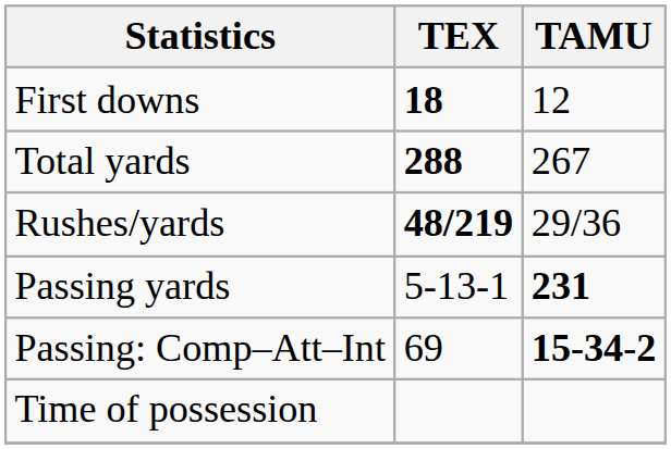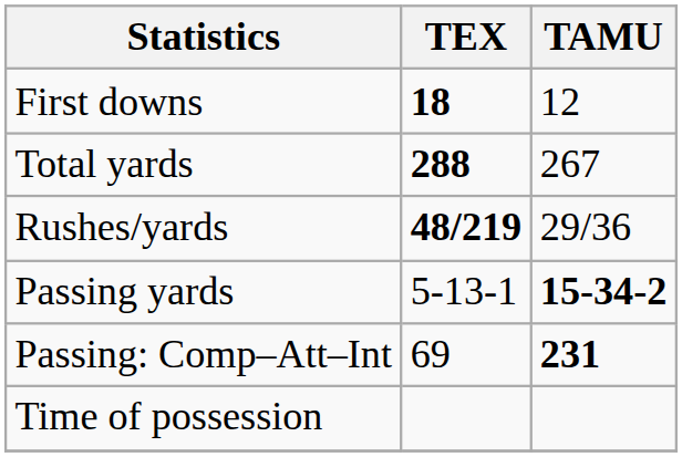 <table class="wikitable" style="float: left;">
 <tr>
 <th>Statistics</th>
 <th>TEX</th>
 <th>TAMU</th>
 </tr>
 <tr>
 <td>First downs</td>
 <td><strong>18</strong></td>
 <td>12</td>
 </tr>
 <tr>
 <td>Total yards</td>
 <td><strong>288</strong></td>
 <td>267</td>
 </tr>
 <tr>
 <td>Rushes/yards</td>
 <td><strong>48/219</strong></td>
 <td>29/36</td>
 </tr>
 <tr>
 <td>Passing yards</td>
 <td>5-13-1</td>
-<td><strong>231</strong></td>
+<td><strong>15-34-2</strong></td>
 </tr>
 <tr>
 <td>Passing: Comp–Att–Int</td>
 <td>69</td>
-<td><strong>15-34-2</strong></td>
+<td><strong>231</strong></td>
 </tr>
 <tr>
 <td>Time of possession</td>
 <td></td>
 <td></td>
 </tr>
 <tr>
 </tr>
 </table>
